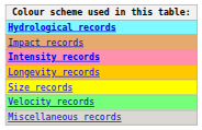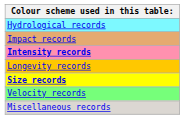 <table class="wikitable sortable" style="float:right; clear:right; margin:0 0 0.5em 1em; padding:0.5em; border:#ddb; width:250px; font-size:90%;">
 <tr>
 <th>Colour scheme used in this table:</th>
 </tr>
 <tr>
-<td style="background: #7DF9FF"><strong><a href='#'>Hydrological records</a></strong></td>
+<td style="background: #7DF9FF"><a href='#'>Hydrological records</a></td>
 </tr>
 <tr>
 <td style="background: #E5AA70"><a href='#'>Impact records</a></td>
 </tr>
 <tr>
 <td style="background: #FF91AF"><strong><a href='#'>Intensity records</a></strong></td>
 </tr>
 <tr>
 <td style="background: #FFC800"><a href='#'>Longevity records</a></td>
 </tr>
 <tr>
-<td style="background: #FFFF00"><a href='#'>Size records</a></td>
+<td style="background: #FFFF00"><strong><a href='#'>Size records</a></strong></td>
 </tr>
 <tr>
 <td style="background: #76FF7A"><a href='#'>Velocity records</a></td>
 </tr>
 <tr>
 <td style="background: #DBD7D2"><a href='#'>Miscellaneous records</a></td>
 </tr>
 </table>
